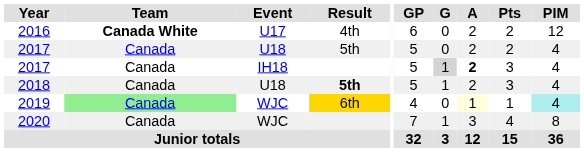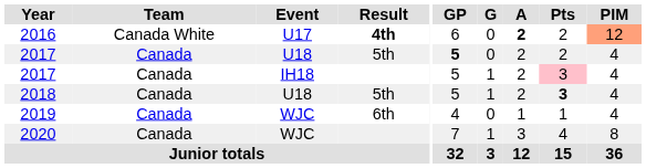 <table border="0" cellpadding="1" cellspacing="0" ID="Table3" style="text-align:center; width:40em">
 <tr bgcolor="#e0e0e0">
 <th>Year</th>
 <th>Team</th>
 <th>Event</th>
 <th>Result</th>
 <th rowspan="99" bgcolor="#ffffff"></th>
 <th>GP</th>
 <th>G</th>
 <th>A</th>
 <th>Pts</th>
 <th>PIM</th>
 </tr>
 <tr>
 <td><a href='#'>2016</a></td>
-<td><strong>Canada White</strong></td>
+<td>Canada White</td>
 <td><a href='#'>U17</a></td>
-<td>4th</td>
+<td><strong>4th</strong></td>
 <td>6</td>
 <td>0</td>
+<td><strong>2</strong></td>
 <td>2</td>
-<td>2</td>
-<td>12</td>
+<td style="background: lightsalmon;">12</td>
 </tr>
 <tr bgcolor="#f0f0f0">
 <td><a href='#'>2017</a></td>
 <td><a href='#'>Canada</a></td>
 <td><a href='#'>U18</a></td>
 <td>5th</td>
-<td>5</td>
+<td><strong>5</strong></td>
 <td>0</td>
 <td>2</td>
 <td>2</td>
 <td>4</td>
 </tr>
 <tr>
 <td><a href='#'>2017</a></td>
 <td>Canada</td>
 <td><a href='#'>IH18</a></td>
 <td></td>
 <td>5</td>
-<td style="background: lightgrey;">1</td>
-<td><strong>2</strong></td>
-<td>3</td>
+<td>1</td>
+<td>2</td>
+<td style="background: pink;">3</td>
 <td>4</td>
 </tr>
 <tr bgcolor="#f0f0f0">
 <td><a href='#'>2018</a></td>
 <td>Canada</td>
 <td>U18</td>
-<td><strong>5th</strong></td>
+<td>5th</td>
 <td>5</td>
 <td>1</td>
 <td>2</td>
-<td>3</td>
+<td><strong>3</strong></td>
 <td>4</td>
 </tr>
 <tr>
 <td><a href='#'>2019</a></td>
-<td style="background: lightgreen;"><a href='#'>Canada</a></td>
+<td><a href='#'>Canada</a></td>
 <td><a href='#'>WJC</a></td>
-<td style="background: gold;">6th</td>
+<td>6th</td>
 <td>4</td>
 <td>0</td>
-<td style="background: lightyellow;">1</td>
 <td>1</td>
-<td style="background: paleturquoise;">4</td>
+<td>1</td>
+<td>4</td>
 </tr>
 <tr bgcolor="#f0f0f0">
 <td><a href='#'>2020</a></td>
 <td>Canada</td>
 <td>WJC</td>
 <td></td>
 <td>7</td>
 <td>1</td>
 <td>3</td>
 <td>4</td>
 <td>8</td>
 </tr>
 <tr bgcolor="#e0e0e0">
 <th colspan="4">Junior totals</th>
 <th>32</th>
 <th>3</th>
 <th>12</th>
 <th>15</th>
 <th>36</th>
 </tr>
 </table>
